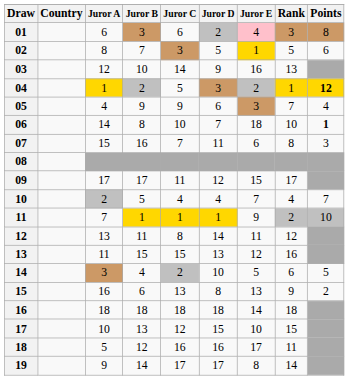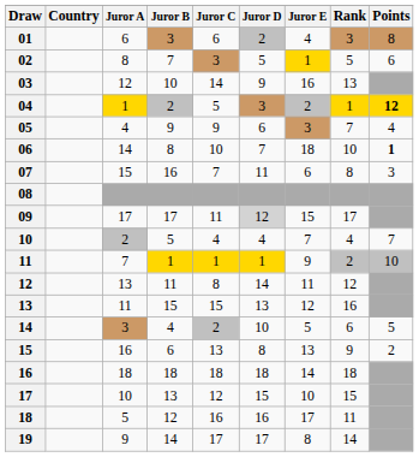 <table class="sortable wikitable collapsible plainrowheaders" style="text-align:center;">
 <tr>
 </tr>
 <tr>
 <th scope="col">Draw</th>
 <th scope="col">Country</th>
 <th scope="col"><small>Juror A</small></th>
 <th scope="col"><small>Juror B</small></th>
 <th scope="col"><small>Juror C</small></th>
 <th scope="col"><small>Juror D</small></th>
 <th scope="col"><small>Juror E</small></th>
 <th scope="col">Rank</th>
 <th scope="col">Points</th>
 </tr>
 <tr>
 <th scope="row" style="text-align:center;">01</th>
 <td style="text-align:left;"></td>
 <td>6</td>
 <td style="background:#CC9966;">3</td>
 <td>6</td>
 <td style="background:silver;">2</td>
-<td style="background: pink;">4</td>
+<td>4</td>
 <td style="background:#CC9966;">3</td>
 <td style="background:#CC9966;">8</td>
 </tr>
 <tr>
 <th scope="row" style="text-align:center;">02</th>
 <td style="text-align:left;"></td>
 <td>8</td>
 <td>7</td>
 <td style="background:#CC9966;">3</td>
 <td>5</td>
 <td style="background:gold;">1</td>
 <td>5</td>
 <td>6</td>
 </tr>
 <tr>
 <th scope="row" style="text-align:center;">03</th>
 <td style="text-align:left;"></td>
 <td>12</td>
 <td>10</td>
 <td>14</td>
 <td>9</td>
 <td>16</td>
 <td>13</td>
 <td style="background:#AAAAAA;"></td>
 </tr>
 <tr>
 <th scope="row" style="text-align:center;">04</th>
 <td style="text-align:left;"></td>
 <td style="background:gold;">1</td>
 <td style="background:silver;">2</td>
 <td>5</td>
 <td style="background:#CC9966;">3</td>
 <td style="background:silver;">2</td>
 <td style="background:gold;">1</td>
 <td style="background:gold;"><strong>12</strong></td>
 </tr>
 <tr>
 <th scope="row" style="text-align:center;">05</th>
 <td style="text-align:left;"></td>
 <td>4</td>
 <td>9</td>
 <td>9</td>
 <td>6</td>
 <td style="background:#CC9966;">3</td>
 <td>7</td>
 <td>4</td>
 </tr>
 <tr>
 <th scope="row" style="text-align:center;">06</th>
 <td style="text-align:left;"></td>
 <td>14</td>
 <td>8</td>
 <td>10</td>
 <td>7</td>
 <td>18</td>
 <td>10</td>
 <td><strong>1</strong></td>
 </tr>
 <tr>
 <th scope="row" style="text-align:center;">07</th>
 <td style="text-align:left;"></td>
 <td>15</td>
 <td>16</td>
 <td>7</td>
 <td>11</td>
 <td>6</td>
 <td>8</td>
 <td>3</td>
 </tr>
 <tr class="sortbottom">
 <th scope="row" style="text-align:center;">08</th>
 <td style="text-align:left;"></td>
 <td style="background:#AAAAAA;"></td>
 <td style="background:#AAAAAA;"></td>
 <td style="background:#AAAAAA;"></td>
 <td style="background:#AAAAAA;"></td>
 <td style="background:#AAAAAA;"></td>
 <td style="background:#AAAAAA;"></td>
 <td style="background:#AAAAAA;"></td>
 </tr>
 <tr>
 <th scope="row" style="text-align:center;">09</th>
 <td style="text-align:left;"></td>
 <td>17</td>
 <td>17</td>
 <td>11</td>
-<td>12</td>
+<td style="background: lightgrey;">12</td>
 <td>15</td>
 <td>17</td>
 <td style="background:#AAAAAA;"></td>
 </tr>
 <tr>
 <th scope="row" style="text-align:center;">10</th>
 <td style="text-align:left;"></td>
 <td style="background:silver;">2</td>
 <td>5</td>
 <td>4</td>
 <td>4</td>
 <td>7</td>
 <td>4</td>
 <td>7</td>
 </tr>
 <tr>
 <th scope="row" style="text-align:center;">11</th>
 <td style="text-align:left;"></td>
 <td>7</td>
 <td style="background:gold;">1</td>
 <td style="background:gold;">1</td>
 <td style="background:gold;">1</td>
 <td>9</td>
 <td style="background:silver;">2</td>
 <td style="background:silver;">10</td>
 </tr>
 <tr>
 <th scope="row" style="text-align:center;">12</th>
 <td style="text-align:left;"></td>
 <td>13</td>
 <td>11</td>
 <td>8</td>
 <td>14</td>
 <td>11</td>
 <td>12</td>
 <td style="background:#AAAAAA;"></td>
 </tr>
 <tr>
 <th scope="row" style="text-align:center;">13</th>
 <td style="text-align:left;"></td>
 <td>11</td>
 <td>15</td>
 <td>15</td>
 <td>13</td>
 <td>12</td>
 <td>16</td>
 <td style="background:#AAAAAA;"></td>
 </tr>
 <tr>
 <th scope="row" style="text-align:center;">14</th>
 <td style="text-align:left;"></td>
 <td style="background:#CC9966;">3</td>
 <td>4</td>
 <td style="background:silver;">2</td>
 <td>10</td>
 <td>5</td>
 <td>6</td>
 <td>5</td>
 </tr>
 <tr>
 <th scope="row" style="text-align:center;">15</th>
 <td style="text-align:left;"></td>
 <td>16</td>
 <td>6</td>
 <td>13</td>
 <td>8</td>
 <td>13</td>
 <td>9</td>
 <td>2</td>
 </tr>
 <tr>
 <th scope="row" style="text-align:center;">16</th>
 <td style="text-align:left;"></td>
 <td>18</td>
 <td>18</td>
 <td>18</td>
 <td>18</td>
 <td>14</td>
 <td>18</td>
 <td style="background:#AAAAAA;"></td>
 </tr>
 <tr>
 <th scope="row" style="text-align:center;">17</th>
 <td style="text-align:left;"></td>
 <td>10</td>
 <td>13</td>
 <td>12</td>
 <td>15</td>
 <td>10</td>
 <td>15</td>
 <td style="background:#AAAAAA;"></td>
 </tr>
 <tr>
 <th scope="row" style="text-align:center;">18</th>
 <td style="text-align:left;"></td>
 <td>5</td>
 <td>12</td>
 <td>16</td>
 <td>16</td>
 <td>17</td>
 <td>11</td>
 <td style="background:#AAAAAA;"></td>
 </tr>
 <tr>
 <th scope="row" style="text-align:center;">19</th>
 <td style="text-align:left;"></td>
 <td>9</td>
 <td>14</td>
 <td>17</td>
 <td>17</td>
 <td>8</td>
 <td>14</td>
 <td style="background:#AAAAAA;"></td>
 </tr>
 </table>
